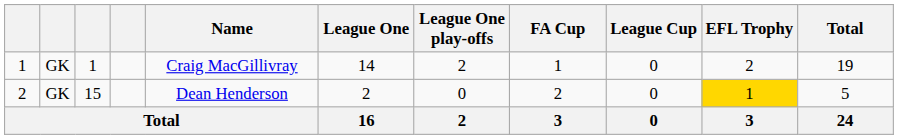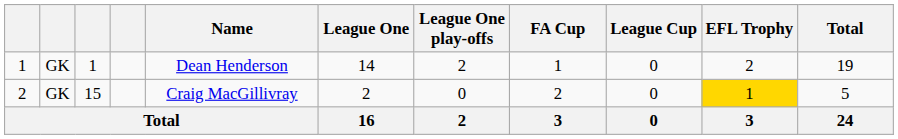 <table class="wikitable sortable" style="font-size: 95%; text-align: center;">
 <tr>
 <th width=25></th>
 <th width=25></th>
 <th width=25></th>
 <th width=25></th>
 <th width=150>Name</th>
 <th width=80>League One</th>
 <th width=80>League One play-offs</th>
 <th width=80>FA Cup</th>
 <th width=80>League Cup</th>
 <th width=80>EFL Trophy</th>
 <th width=80>Total</th>
 </tr>
 <tr>
 <td>1</td>
 <td>GK</td>
 <td>1</td>
 <td></td>
-<td data-sort-value="Craig MacGillivray"><a href='#'>Craig MacGillivray</a></td>
+<td data-sort-value="Dean Henderson"><a href='#'>Dean Henderson</a></td>
 <td>14</td>
 <td>2</td>
 <td>1</td>
 <td>0</td>
 <td>2</td>
 <td>19</td>
 </tr>
 <tr>
 <td>2</td>
 <td>GK</td>
 <td>15</td>
 <td></td>
-<td data-sort-value="Dean Henderson"><a href='#'>Dean Henderson</a></td>
+<td data-sort-value="Craig MacGillivray"><a href='#'>Craig MacGillivray</a></td>
 <td>2</td>
 <td>0</td>
 <td>2</td>
 <td>0</td>
 <td style="background: gold;">1</td>
 <td>5</td>
 </tr>
 <tr>
 <th colspan=5>Total</th>
 <th>16</th>
 <th>2</th>
 <th>3</th>
 <th>0</th>
 <th>3</th>
 <th>24</th>
 </tr>
 </table>
